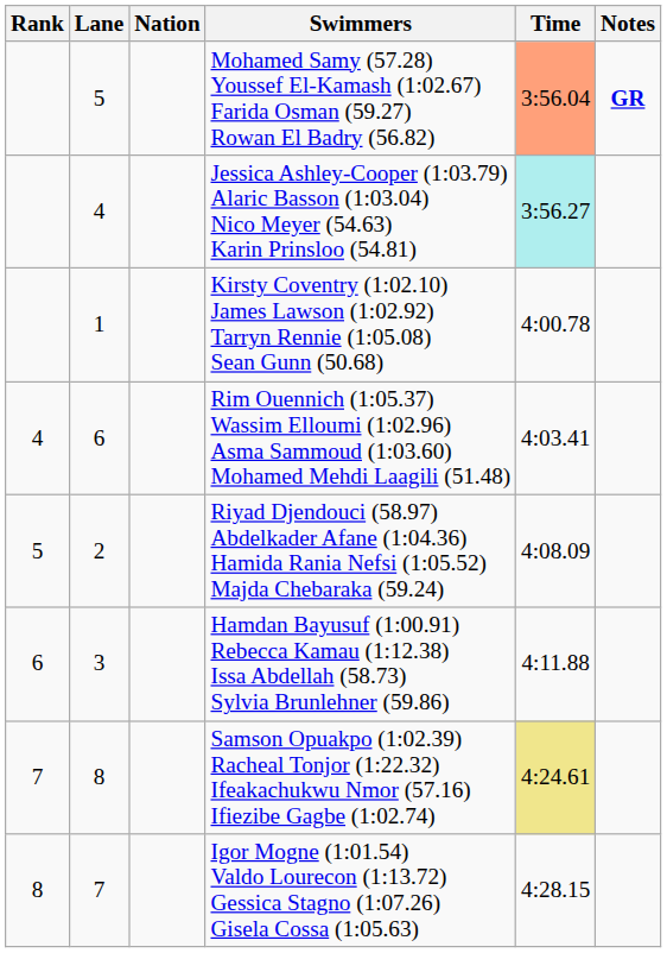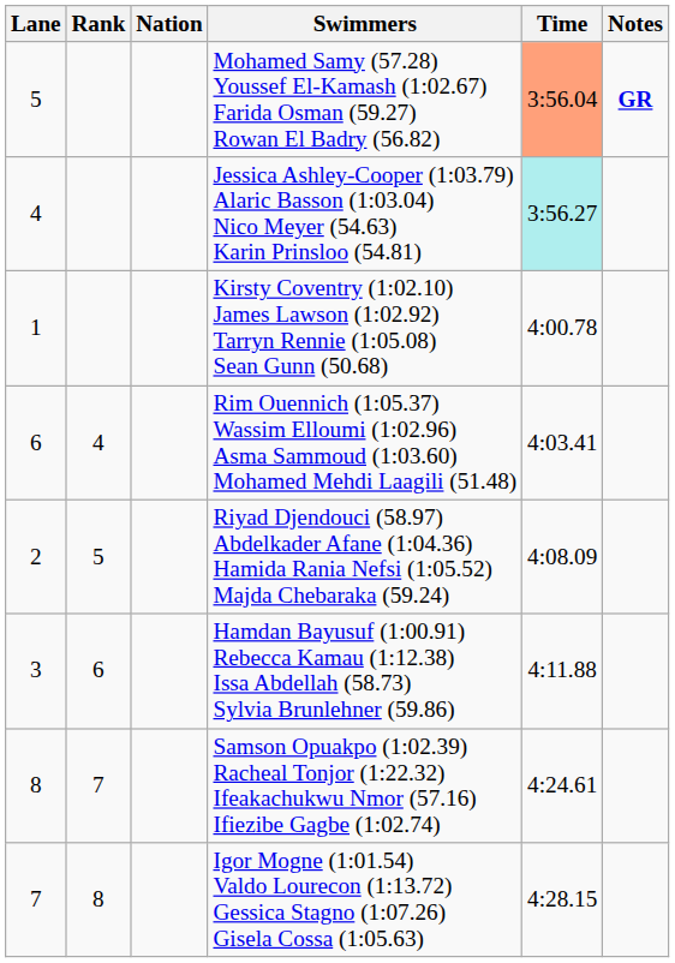 <table class="wikitable sortable" style="text-align:center">
 <tr>
+<th>Lane</th>
 <th>Rank</th>
-<th>Lane</th>
 <th>Nation</th>
 <th>Swimmers</th>
 <th>Time</th>
 <th>Notes</th>
 </tr>
 <tr>
+<td>5</td>
 <td></td>
-<td>5</td>
 <td align="left"></td>
 <td align="left"><a href='#'>Mohamed Samy</a> (57.28)<br><a href='#'>Youssef El-Kamash</a> (1:02.67)<br><a href='#'>Farida Osman</a> (59.27)<br><a href='#'>Rowan El Badry</a> (56.82)</td>
 <td style="background: lightsalmon;">3:56.04</td>
 <td><strong><a href='#'>GR</a></strong></td>
 </tr>
 <tr>
+<td>4</td>
 <td></td>
-<td>4</td>
 <td align="left"></td>
 <td align="left"><a href='#'>Jessica Ashley-Cooper</a> (1:03.79)<br><a href='#'>Alaric Basson</a> (1:03.04)<br><a href='#'>Nico Meyer</a> (54.63)<br><a href='#'>Karin Prinsloo</a> (54.81)</td>
 <td style="background: paleturquoise;">3:56.27</td>
 <td></td>
 </tr>
 <tr>
+<td>1</td>
 <td></td>
-<td>1</td>
 <td align="left"></td>
 <td align="left"><a href='#'>Kirsty Coventry</a> (1:02.10)<br><a href='#'>James Lawson</a> (1:02.92)<br><a href='#'>Tarryn Rennie</a> (1:05.08)<br><a href='#'>Sean Gunn</a> (50.68)</td>
 <td>4:00.78</td>
 <td></td>
 </tr>
 <tr>
+<td>6</td>
 <td>4</td>
-<td>6</td>
 <td align="left"></td>
 <td align="left"><a href='#'>Rim Ouennich</a> (1:05.37)<br><a href='#'>Wassim Elloumi</a> (1:02.96)<br><a href='#'>Asma Sammoud</a> (1:03.60)<br><a href='#'>Mohamed Mehdi Laagili</a> (51.48)</td>
 <td>4:03.41</td>
 <td></td>
 </tr>
 <tr>
+<td>2</td>
 <td>5</td>
-<td>2</td>
 <td align="left"></td>
 <td align="left"><a href='#'>Riyad Djendouci</a> (58.97)<br><a href='#'>Abdelkader Afane</a> (1:04.36)<br><a href='#'>Hamida Rania Nefsi</a> (1:05.52)<br><a href='#'>Majda Chebaraka</a> (59.24)</td>
 <td>4:08.09</td>
 <td></td>
 </tr>
 <tr>
+<td>3</td>
 <td>6</td>
-<td>3</td>
 <td align="left"></td>
 <td align="left"><a href='#'>Hamdan Bayusuf</a> (1:00.91)<br><a href='#'>Rebecca Kamau</a> (1:12.38)<br><a href='#'>Issa Abdellah</a> (58.73)<br><a href='#'>Sylvia Brunlehner</a> (59.86)</td>
 <td>4:11.88</td>
 <td></td>
 </tr>
 <tr>
+<td>8</td>
 <td>7</td>
-<td>8</td>
 <td align="left"></td>
 <td align="left"><a href='#'>Samson Opuakpo</a> (1:02.39)<br><a href='#'>Racheal Tonjor</a> (1:22.32)<br><a href='#'>Ifeakachukwu Nmor</a> (57.16)<br><a href='#'>Ifiezibe Gagbe</a> (1:02.74)</td>
-<td style="background: khaki;">4:24.61</td>
+<td>4:24.61</td>
 <td></td>
 </tr>
 <tr>
+<td>7</td>
 <td>8</td>
-<td>7</td>
 <td align="left"></td>
 <td align="left"><a href='#'>Igor Mogne</a> (1:01.54)<br><a href='#'>Valdo Lourecon</a> (1:13.72)<br><a href='#'>Gessica Stagno</a> (1:07.26)<br><a href='#'>Gisela Cossa</a> (1:05.63)</td>
 <td>4:28.15</td>
 <td></td>
 </tr>
 </table>
